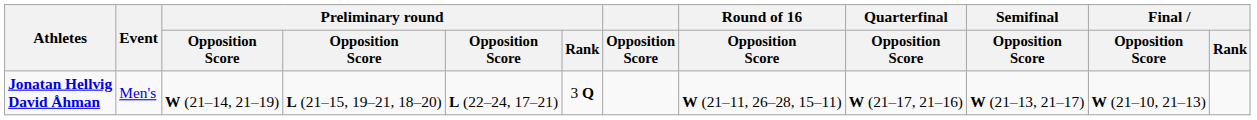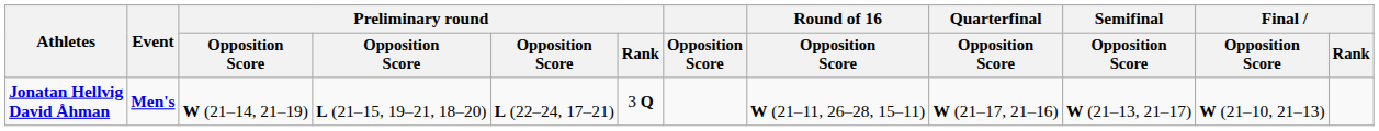 <table class=wikitable style=font-size:90%;text-align:center>
 <tr>
 <th rowspan=2>Athletes</th>
 <th rowspan=2>Event</th>
 <th colspan=4>Preliminary round</th>
 <th></th>
 <th>Round of 16</th>
 <th>Quarterfinal</th>
 <th>Semifinal</th>
 <th colspan=2>Final / </th>
 </tr>
 <tr style=font-size:95%>
 <th>Opposition<br>Score</th>
 <th>Opposition<br>Score</th>
 <th>Opposition<br>Score</th>
 <th>Rank</th>
 <th>Opposition<br>Score</th>
 <th>Opposition<br>Score</th>
 <th>Opposition<br>Score</th>
 <th>Opposition<br>Score</th>
 <th>Opposition<br>Score</th>
 <th>Rank</th>
 </tr>
 <tr>
 <td align=left><strong><a href='#'>Jonatan Hellvig</a><br><a href='#'>David Åhman</a></strong></td>
-<td align=left><a href='#'>Men's</a></td>
+<td align=left><strong><a href='#'>Men's</a></strong></td>
 <td><br><strong>W</strong> (21–14, 21–19)</td>
 <td><br><strong>L</strong> (21–15, 19–21, 18–20)</td>
 <td><br><strong>L</strong> (22–24, 17–21)</td>
 <td>3 <strong>Q</strong></td>
 <td></td>
 <td><br><strong>W</strong> (21–11, 26–28, 15–11)</td>
 <td><br><strong>W</strong> (21–17, 21–16)</td>
 <td><br><strong>W</strong> (21–13, 21–17)</td>
 <td><br><strong>W</strong> (21–10, 21–13)</td>
 <td></td>
 </tr>
 </table>
